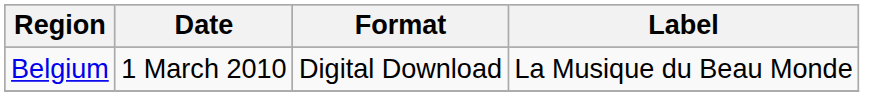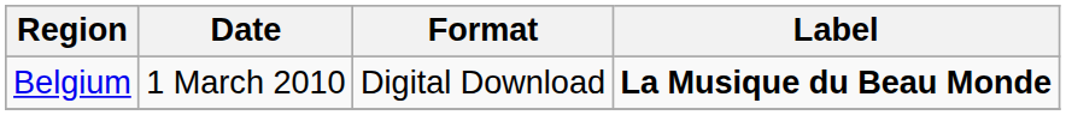 <table class=wikitable>
 <tr>
 <th>Region</th>
 <th>Date</th>
 <th>Format</th>
 <th>Label</th>
 </tr>
 <tr>
 <td><a href='#'>Belgium</a></td>
 <td>1 March 2010</td>
 <td>Digital Download</td>
-<td>La Musique du Beau Monde</td>
+<td><strong>La Musique du Beau Monde</strong></td>
 </tr>
 <tr>
 </tr>
 </table>
